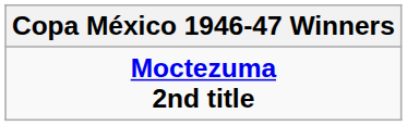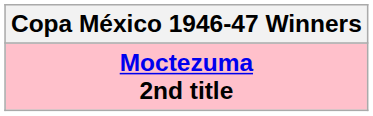 <table class="wikitable" style="text-align: center; margin: 0 auto;">
 <tr>
 <th>Copa México 1946-47 Winners</th>
 </tr>
 <tr>
-<td><strong><a href='#'>Moctezuma</a></strong><br><strong>2nd title</strong></td>
+<td style="background: pink;"><strong><a href='#'>Moctezuma</a></strong><br><strong>2nd title</strong></td>
 </tr>
 </table>
